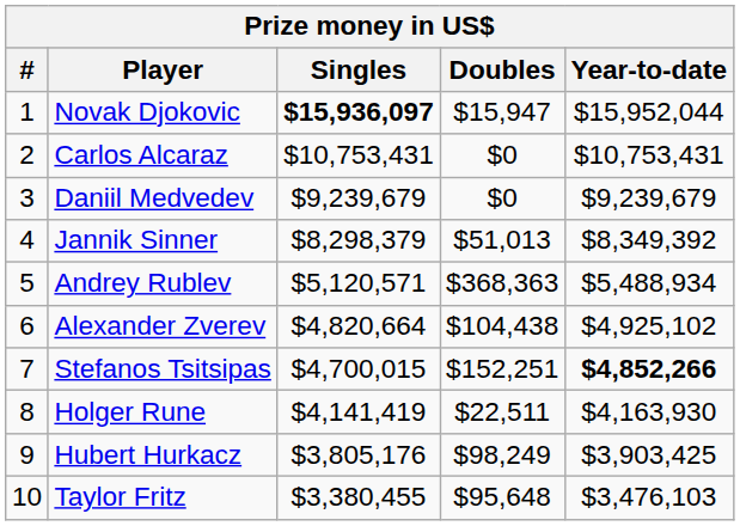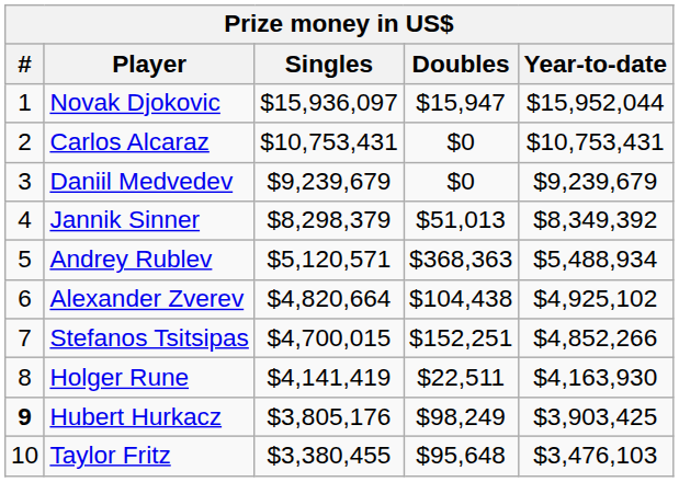 <table class="wikitable sortable" style="text-align:center">
 <tr>
 <th colspan="5">Prize money in US$ </th>
 </tr>
 <tr>
 <th>#</th>
 <th scope="col">Player</th>
 <th scope="col">Singles</th>
 <th scope="col">Doubles</th>
 <th scope="col">Year-to-date</th>
 </tr>
 <tr>
 <td>1</td>
 <td style="text-align:left"> <a href='#'>Novak Djokovic</a></td>
-<td><strong>$15,936,097</strong></td>
+<td>$15,936,097</td>
 <td>$15,947</td>
 <td>$15,952,044</td>
 </tr>
 <tr>
 <td>2</td>
 <td style="text-align:left"> <a href='#'>Carlos Alcaraz</a></td>
 <td>$10,753,431</td>
 <td>$0</td>
 <td>$10,753,431</td>
 </tr>
 <tr>
 <td>3</td>
 <td style="text-align:left"> <a href='#'>Daniil Medvedev</a></td>
 <td>$9,239,679</td>
 <td>$0</td>
 <td>$9,239,679</td>
 </tr>
 <tr>
 <td>4</td>
 <td style="text-align:left"> <a href='#'>Jannik Sinner</a></td>
 <td>$8,298,379</td>
 <td>$51,013</td>
 <td>$8,349,392</td>
 </tr>
 <tr>
 <td>5</td>
 <td style="text-align:left"> <a href='#'>Andrey Rublev</a></td>
 <td>$5,120,571</td>
 <td>$368,363</td>
 <td>$5,488,934</td>
 </tr>
 <tr>
 <td>6</td>
 <td style="text-align:left"> <a href='#'>Alexander Zverev</a></td>
 <td>$4,820,664</td>
 <td>$104,438</td>
 <td>$4,925,102</td>
 </tr>
 <tr>
 <td>7</td>
 <td style="text-align:left"> <a href='#'>Stefanos Tsitsipas</a></td>
 <td>$4,700,015</td>
 <td>$152,251</td>
-<td><strong>$4,852,266</strong></td>
+<td>$4,852,266</td>
 </tr>
 <tr>
 <td>8</td>
 <td style="text-align:left"> <a href='#'>Holger Rune</a></td>
 <td>$4,141,419</td>
 <td>$22,511</td>
 <td>$4,163,930</td>
 </tr>
 <tr>
-<td>9</td>
+<td><strong>9</strong></td>
 <td style="text-align:left"> <a href='#'>Hubert Hurkacz</a></td>
 <td>$3,805,176</td>
 <td>$98,249</td>
 <td>$3,903,425</td>
 </tr>
 <tr>
 <td>10</td>
 <td style="text-align:left"> <a href='#'>Taylor Fritz</a></td>
 <td>$3,380,455</td>
 <td>$95,648</td>
 <td>$3,476,103</td>
 </tr>
 </table>
